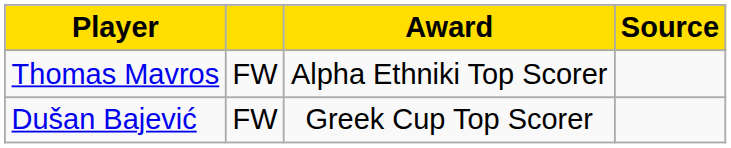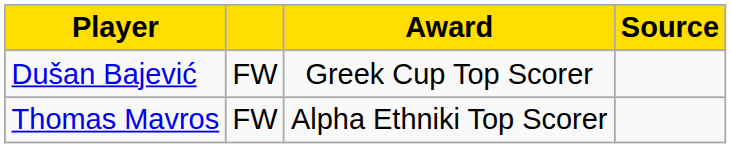 <table class="wikitable">
 <tr>
 <th style="background:#FFDE00">Player</th>
 <th style="background:#FFDE00"></th>
 <th style="background:#FFDE00">Award</th>
 <th style="background:#FFDE00">Source</th>
 </tr>
 <tr>
+<td> <a href='#'>Dušan Bajević</a></td>
+<td align="center">FW</td>
+<td align="center">Greek Cup Top Scorer</td>
+<td align="center"></td>
+</tr>
+<tr>
 <td> <a href='#'>Thomas Mavros</a></td>
 <td align="center">FW</td>
 <td align="center">Alpha Ethniki Top Scorer</td>
 <td align="center"></td>
 </tr>
-<tr>
-<td> <a href='#'>Dušan Bajević</a></td>
-<td align="center">FW</td>
-<td align="center">Greek Cup Top Scorer</td>
-<td align="center"></td>
-</tr>
 </table>
